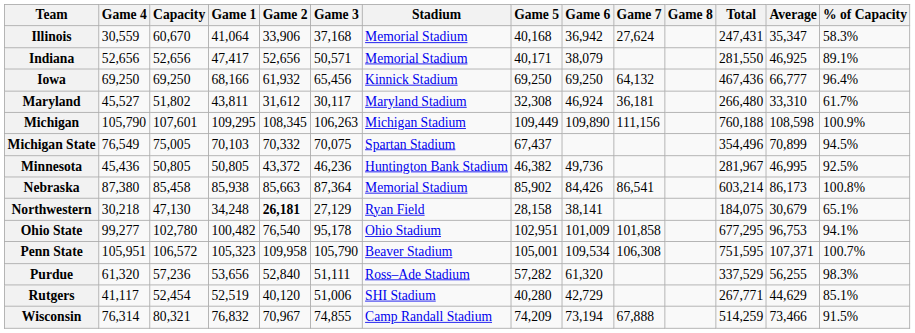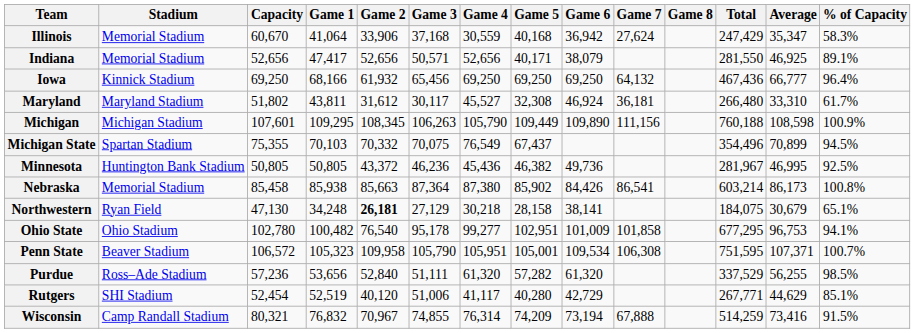 <table class="wikitable sortable">
 <tr>
 <th>Team</th>
-<th>Game 4</th>
+<th>Stadium</th>
 <th>Capacity</th>
 <th>Game 1</th>
 <th>Game 2</th>
 <th>Game 3</th>
-<th>Stadium</th>
+<th>Game 4</th>
 <th>Game 5</th>
 <th>Game 6</th>
 <th>Game 7</th>
 <th>Game 8</th>
 <th>Total</th>
 <th>Average</th>
 <th>% of Capacity</th>
 </tr>
 <tr>
 <th>Illinois</th>
-<td>30,559</td>
+<td><a href='#'>Memorial Stadium</a></td>
 <td>60,670</td>
 <td>41,064</td>
 <td>33,906</td>
 <td>37,168</td>
-<td><a href='#'>Memorial Stadium</a></td>
+<td>30,559</td>
 <td>40,168</td>
 <td>36,942</td>
 <td>27,624</td>
 <td></td>
-<td>247,431</td>
+<td>247,429</td>
 <td>35,347</td>
 <td>58.3%</td>
 </tr>
 <tr>
 <th>Indiana</th>
-<td>52,656</td>
+<td><a href='#'>Memorial Stadium</a></td>
 <td>52,656</td>
 <td>47,417</td>
 <td>52,656</td>
 <td>50,571</td>
-<td><a href='#'>Memorial Stadium</a></td>
+<td>52,656</td>
 <td>40,171</td>
 <td>38,079</td>
 <td></td>
 <td></td>
 <td>281,550</td>
 <td>46,925</td>
 <td>89.1%</td>
 </tr>
 <tr>
 <th>Iowa</th>
-<td>69,250</td>
+<td><a href='#'>Kinnick Stadium</a></td>
 <td>69,250</td>
 <td>68,166</td>
 <td>61,932</td>
 <td>65,456</td>
-<td><a href='#'>Kinnick Stadium</a></td>
+<td>69,250</td>
 <td>69,250</td>
 <td>69,250</td>
 <td>64,132</td>
 <td></td>
 <td>467,436</td>
 <td>66,777</td>
 <td>96.4%</td>
 </tr>
 <tr>
 <th>Maryland</th>
-<td>45,527</td>
+<td><a href='#'>Maryland Stadium</a></td>
 <td>51,802</td>
 <td>43,811</td>
 <td>31,612</td>
 <td>30,117</td>
-<td><a href='#'>Maryland Stadium</a></td>
+<td>45,527</td>
 <td>32,308</td>
 <td>46,924</td>
 <td>36,181</td>
 <td></td>
 <td>266,480</td>
 <td>33,310</td>
 <td>61.7%</td>
 </tr>
 <tr>
 <th>Michigan</th>
-<td>105,790</td>
+<td><a href='#'>Michigan Stadium</a></td>
 <td>107,601</td>
 <td>109,295</td>
 <td>108,345</td>
 <td>106,263</td>
-<td><a href='#'>Michigan Stadium</a></td>
+<td>105,790</td>
 <td>109,449</td>
 <td>109,890</td>
 <td>111,156</td>
 <td></td>
 <td>760,188</td>
 <td>108,598</td>
 <td>100.9%</td>
 </tr>
 <tr>
 <th>Michigan State</th>
-<td>76,549</td>
-<td>75,005</td>
+<td><a href='#'>Spartan Stadium</a></td>
+<td>75,355</td>
 <td>70,103</td>
 <td>70,332</td>
 <td>70,075</td>
-<td><a href='#'>Spartan Stadium</a></td>
+<td>76,549</td>
 <td>67,437</td>
 <td></td>
 <td></td>
 <td></td>
 <td>354,496</td>
 <td>70,899</td>
 <td>94.5%</td>
 </tr>
 <tr>
 <th>Minnesota</th>
-<td>45,436</td>
+<td><a href='#'>Huntington Bank Stadium</a></td>
 <td>50,805</td>
 <td>50,805</td>
 <td>43,372</td>
 <td>46,236</td>
-<td><a href='#'>Huntington Bank Stadium</a></td>
+<td>45,436</td>
 <td>46,382</td>
 <td>49,736</td>
 <td></td>
 <td></td>
 <td>281,967</td>
 <td>46,995</td>
 <td>92.5%</td>
 </tr>
 <tr>
 <th>Nebraska</th>
-<td>87,380</td>
+<td><a href='#'>Memorial Stadium</a></td>
 <td>85,458</td>
 <td>85,938</td>
 <td>85,663</td>
 <td>87,364</td>
-<td><a href='#'>Memorial Stadium</a></td>
+<td>87,380</td>
 <td>85,902</td>
 <td>84,426</td>
 <td>86,541</td>
 <td></td>
 <td>603,214</td>
 <td>86,173</td>
 <td>100.8%</td>
 </tr>
 <tr>
 <th>Northwestern</th>
-<td>30,218</td>
+<td><a href='#'>Ryan Field</a></td>
 <td>47,130</td>
 <td>34,248</td>
 <td><strong>26,181</strong></td>
 <td>27,129</td>
-<td><a href='#'>Ryan Field</a></td>
+<td>30,218</td>
 <td>28,158</td>
 <td>38,141</td>
 <td></td>
 <td></td>
 <td>184,075</td>
 <td>30,679</td>
 <td>65.1%</td>
 </tr>
 <tr>
 <th>Ohio State</th>
-<td>99,277</td>
+<td><a href='#'>Ohio Stadium</a></td>
 <td>102,780</td>
 <td>100,482</td>
 <td>76,540</td>
 <td>95,178</td>
-<td><a href='#'>Ohio Stadium</a></td>
+<td>99,277</td>
 <td>102,951</td>
 <td>101,009</td>
 <td>101,858</td>
 <td></td>
 <td>677,295</td>
 <td>96,753</td>
 <td>94.1%</td>
 </tr>
 <tr>
 <th>Penn State</th>
-<td>105,951</td>
+<td><a href='#'>Beaver Stadium</a></td>
 <td>106,572</td>
 <td>105,323</td>
 <td>109,958</td>
 <td>105,790</td>
-<td><a href='#'>Beaver Stadium</a></td>
+<td>105,951</td>
 <td>105,001</td>
 <td>109,534</td>
 <td>106,308</td>
 <td></td>
 <td>751,595</td>
 <td>107,371</td>
 <td>100.7%</td>
 </tr>
 <tr>
 <th>Purdue</th>
-<td>61,320</td>
+<td><a href='#'>Ross–Ade Stadium</a></td>
 <td>57,236</td>
 <td>53,656</td>
 <td>52,840</td>
 <td>51,111</td>
-<td><a href='#'>Ross–Ade Stadium</a></td>
+<td>61,320</td>
 <td>57,282</td>
 <td>61,320</td>
 <td></td>
 <td></td>
 <td>337,529</td>
 <td>56,255</td>
-<td>98.3%</td>
+<td>98.5%</td>
 </tr>
 <tr>
 <th>Rutgers</th>
-<td>41,117</td>
+<td><a href='#'>SHI Stadium</a></td>
 <td>52,454</td>
 <td>52,519</td>
 <td>40,120</td>
 <td>51,006</td>
-<td><a href='#'>SHI Stadium</a></td>
+<td>41,117</td>
 <td>40,280</td>
 <td>42,729</td>
 <td></td>
 <td></td>
 <td>267,771</td>
 <td>44,629</td>
 <td>85.1%</td>
 </tr>
 <tr>
 <th>Wisconsin</th>
-<td>76,314</td>
+<td><a href='#'>Camp Randall Stadium</a></td>
 <td>80,321</td>
 <td>76,832</td>
 <td>70,967</td>
 <td>74,855</td>
-<td><a href='#'>Camp Randall Stadium</a></td>
+<td>76,314</td>
 <td>74,209</td>
 <td>73,194</td>
 <td>67,888</td>
 <td></td>
 <td>514,259</td>
-<td>73,466</td>
+<td>73,416</td>
 <td>91.5%</td>
 </tr>
 </table>
